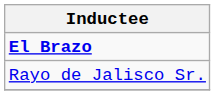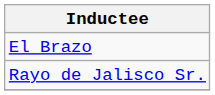 <table class="wikitable">
 <tr>
 <th>Inductee</th>
 </tr>
 <tr>
-<td><strong><a href='#'>El Brazo</a></strong></td>
+<td><a href='#'>El Brazo</a></td>
 </tr>
 <tr>
 <td><a href='#'>Rayo de Jalisco Sr.</a></td>
 </tr>
 <tr>
 </tr>
 </table>
